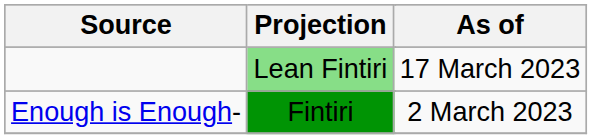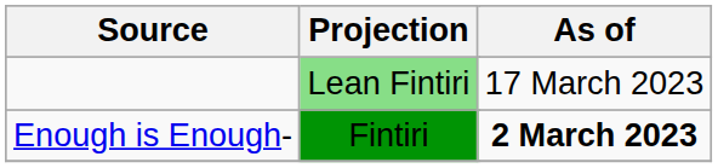 <table class="wikitable" style="text-align:center">
 <tr>
 <th>Source</th>
 <th colspan=2>Projection</th>
 <th>As of</th>
 </tr>
 <tr>
 <td align="left"></td>
 <td colspan=2 bgcolor=#87de87>Lean Fintiri</td>
 <td>17 March 2023</td>
 </tr>
 <tr>
 <td align="left"><a href='#'>Enough is Enough</a>-<br></td>
 <td colspan=2 bgcolor=#009404>Fintiri</td>
-<td>2 March 2023</td>
+<td><strong>2 March 2023</strong></td>
 </tr>
 <tr>
 </tr>
 </table>
